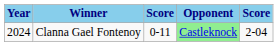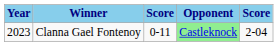 <table class="wikitable" style="text-align:center;">
 <tr>
 <th style="background:skyblue;color:navy;">Year</th>
 <th style="background:skyblue;color:navy;">Winner</th>
 <th style="background:skyblue;color:navy;">Score</th>
 <th style="background:skyblue;color:navy;">Opponent</th>
 <th style="background:skyblue;color:navy;">Score</th>
 </tr>
 <tr>
-<td>2024</td>
+<td>2023</td>
 <td>Clanna Gael Fontenoy</td>
 <td>0-11</td>
 <td style="background: lightgreen;"><a href='#'>Castleknock</a></td>
 <td>2-04</td>
 </tr>
 </table>
